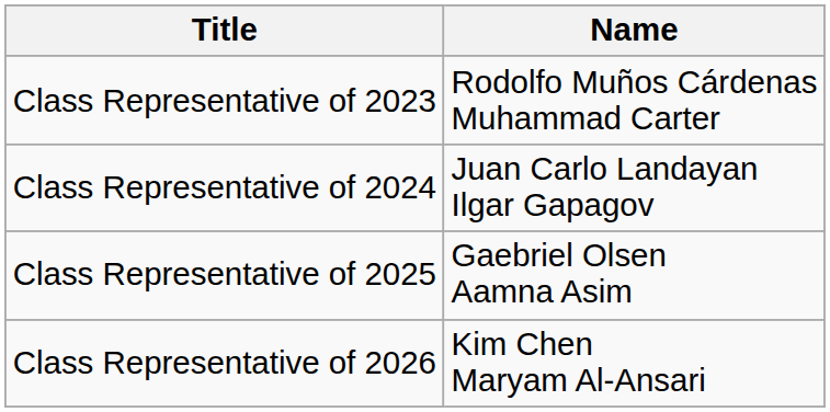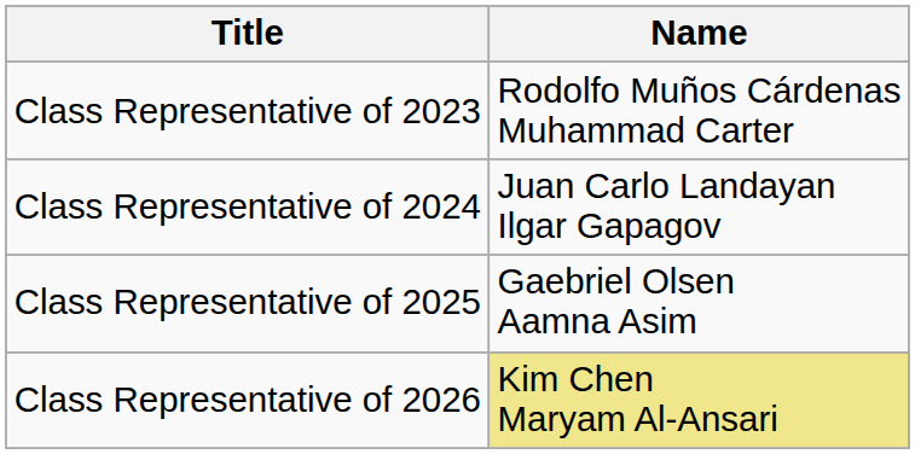 <table class="wikitable">
 <tr>
 <th>Title</th>
 <th>Name</th>
 </tr>
 <tr>
 <td>Class Representative of 2023</td>
 <td>Rodolfo Muños Cárdenas<br>Muhammad Carter</td>
 </tr>
 <tr>
 <td>Class Representative of 2024</td>
 <td>Juan Carlo Landayan<br>Ilgar Gapagov</td>
 </tr>
 <tr>
 <td>Class Representative of 2025</td>
 <td>Gaebriel Olsen<br>Aamna Asim</td>
 </tr>
 <tr>
 <td>Class Representative of 2026</td>
-<td>Kim Chen<br>Maryam Al-Ansari</td>
+<td style="background: khaki;">Kim Chen<br>Maryam Al-Ansari</td>
 </tr>
 </table>
